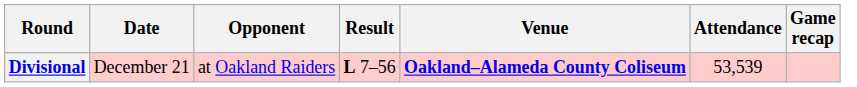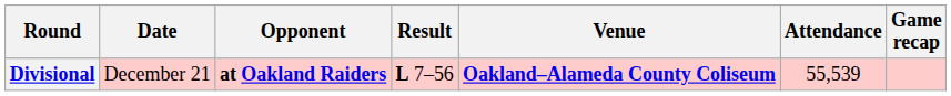 <table class="wikitable" style="text-align:center">
 <tr>
 <th>Round</th>
 <th>Date</th>
 <th>Opponent</th>
 <th>Result</th>
 <th>Venue</th>
 <th>Attendance</th>
 <th>Game<br>recap</th>
 </tr>
 <tr style="background:#fcc">
 <th><a href='#'>Divisional</a></th>
 <td>December 21</td>
-<td>at <a href='#'>Oakland Raiders</a></td>
+<td><strong>at <a href='#'>Oakland Raiders</a></strong></td>
 <td><strong>L</strong> 7–56</td>
 <td><strong><a href='#'>Oakland–Alameda County Coliseum</a></strong></td>
-<td>53,539</td>
+<td>55,539</td>
 <td></td>
 </tr>
 </table>
